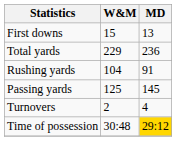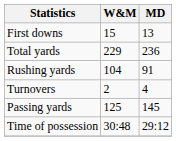 <table class="wikitable">
 <tr>
 <th>Statistics</th>
 <th>W&M</th>
 <th>MD</th>
 </tr>
 <tr>
 <td>First downs</td>
 <td>15</td>
 <td>13</td>
 </tr>
 <tr>
 <td>Total yards</td>
 <td>229</td>
 <td>236</td>
 </tr>
 <tr>
 <td>Rushing yards</td>
 <td>104</td>
 <td>91</td>
 </tr>
 <tr>
+<td>Turnovers</td>
+<td>2</td>
+<td>4</td>
+</tr>
+<tr>
 <td>Passing yards</td>
 <td>125</td>
 <td>145</td>
 </tr>
 <tr>
-<td>Turnovers</td>
-<td>2</td>
-<td>4</td>
-</tr>
-<tr>
 <td>Time of possession</td>
 <td>30:48</td>
-<td style="background: gold;">29:12</td>
+<td>29:12</td>
 </tr>
 <tr>
 </tr>
 </table>
